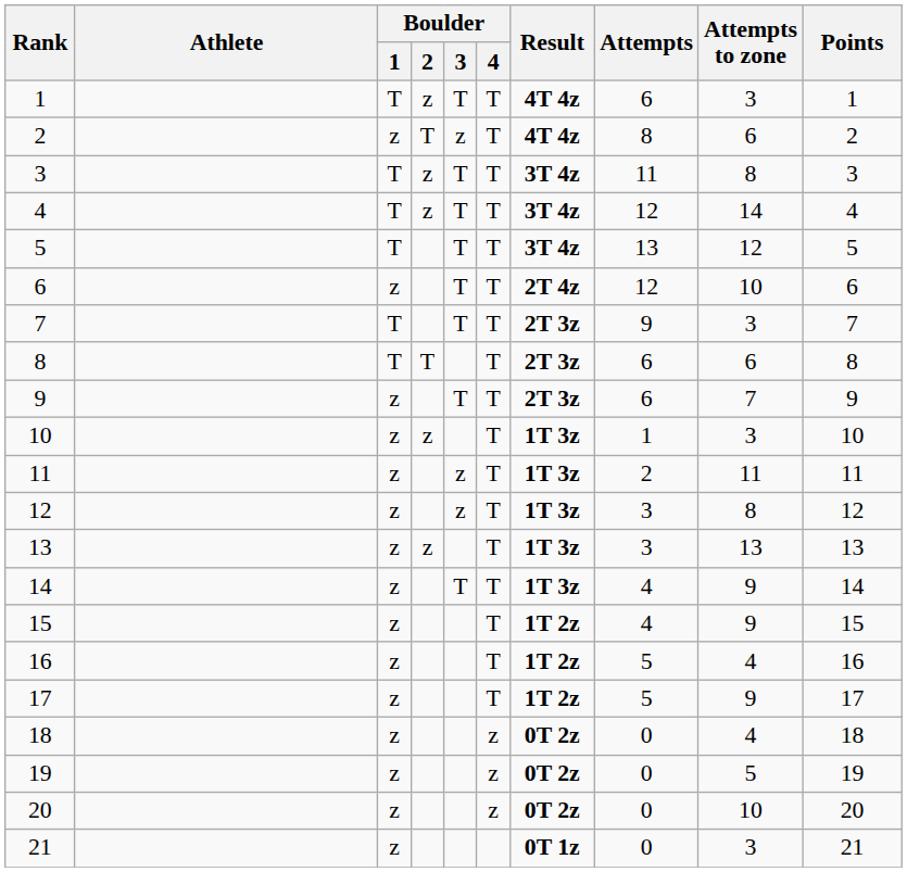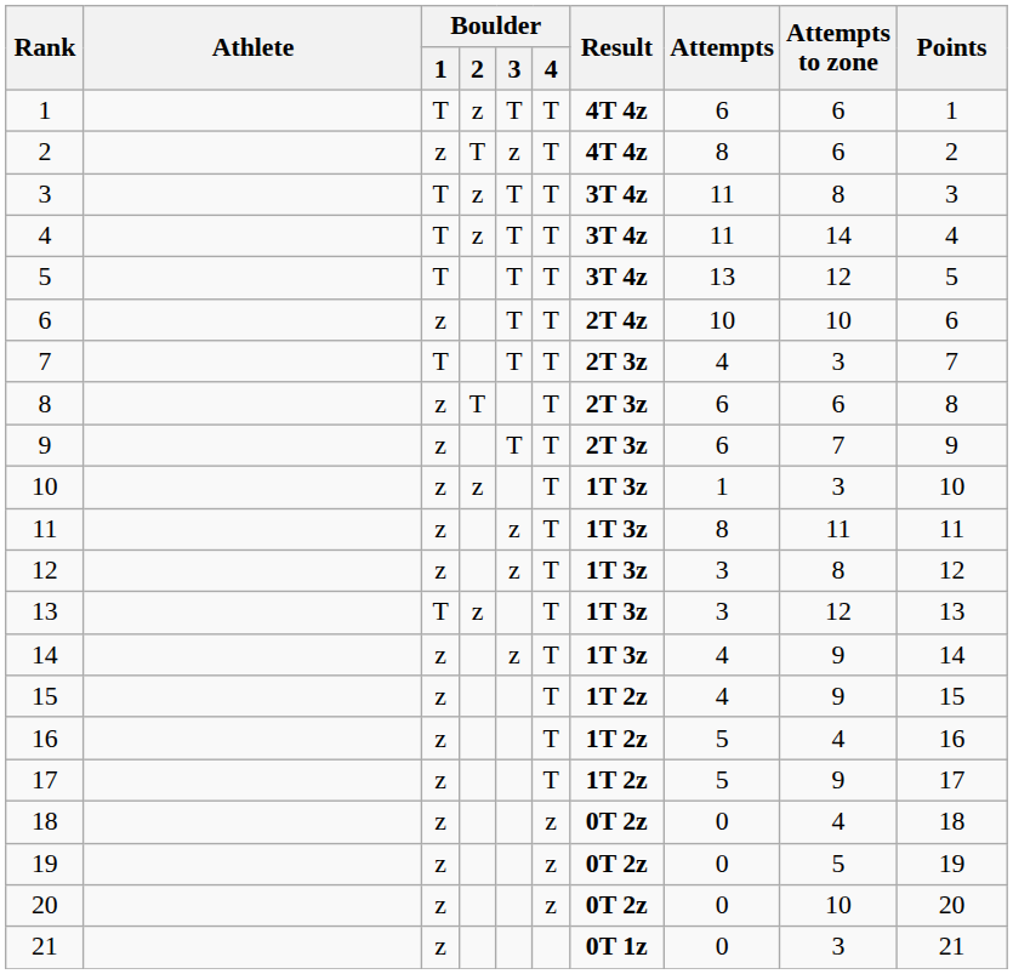 <table class="wikitable" style="text-align:center">
 <tr>
 <th rowspan=2 width=40>Rank</th>
 <th rowspan=2 width=200>Athlete</th>
 <th colspan=4>Boulder</th>
 <th rowspan=2 width=50>Result</th>
 <th rowspan=2 width=50>Attempts</th>
 <th rowspan=2 width=50>Attempts to zone</th>
 <th rowspan=2 width=60>Points</th>
 </tr>
 <tr>
 <th width=15>1</th>
 <th width=15>2</th>
 <th width=15>3</th>
 <th width=15>4</th>
 </tr>
 <tr>
 <td>1</td>
 <td align=left></td>
 <td>T</td>
 <td>z</td>
 <td>T</td>
 <td>T</td>
 <td><strong>4T 4z</strong></td>
 <td>6</td>
-<td>3</td>
+<td>6</td>
 <td>1</td>
 </tr>
 <tr>
 <td>2</td>
 <td align=left></td>
 <td>z</td>
 <td>T</td>
 <td>z</td>
 <td>T</td>
 <td><strong>4T 4z</strong></td>
 <td>8</td>
 <td>6</td>
 <td>2</td>
 </tr>
 <tr>
 <td>3</td>
 <td align=left></td>
 <td>T</td>
 <td>z</td>
 <td>T</td>
 <td>T</td>
 <td><strong>3T 4z</strong></td>
 <td>11</td>
 <td>8</td>
 <td>3</td>
 </tr>
 <tr>
 <td>4</td>
 <td align=left></td>
 <td>T</td>
 <td>z</td>
 <td>T</td>
 <td>T</td>
 <td><strong>3T 4z</strong></td>
-<td>12</td>
+<td>11</td>
 <td>14</td>
 <td>4</td>
 </tr>
 <tr>
 <td>5</td>
 <td align=left></td>
 <td>T</td>
 <td></td>
 <td>T</td>
 <td>T</td>
 <td><strong>3T 4z</strong></td>
 <td>13</td>
 <td>12</td>
 <td>5</td>
 </tr>
 <tr>
 <td>6</td>
 <td align=left></td>
 <td>z</td>
 <td></td>
 <td>T</td>
 <td>T</td>
 <td><strong>2T 4z</strong></td>
-<td>12</td>
+<td>10</td>
 <td>10</td>
 <td>6</td>
 </tr>
 <tr>
 <td>7</td>
 <td align=left></td>
 <td>T</td>
 <td></td>
 <td>T</td>
 <td>T</td>
 <td><strong>2T 3z</strong></td>
-<td>9</td>
+<td>4</td>
 <td>3</td>
 <td>7</td>
 </tr>
 <tr>
 <td>8</td>
 <td align=left></td>
-<td>T</td>
+<td>z</td>
 <td>T</td>
 <td></td>
 <td>T</td>
 <td><strong>2T 3z</strong></td>
 <td>6</td>
 <td>6</td>
 <td>8</td>
 </tr>
 <tr>
 <td>9</td>
 <td align=left></td>
 <td>z</td>
 <td></td>
 <td>T</td>
 <td>T</td>
 <td><strong>2T 3z</strong></td>
 <td>6</td>
 <td>7</td>
 <td>9</td>
 </tr>
 <tr>
 <td>10</td>
 <td align=left></td>
 <td>z</td>
 <td>z</td>
 <td></td>
 <td>T</td>
 <td><strong>1T 3z</strong></td>
 <td>1</td>
 <td>3</td>
 <td>10</td>
 </tr>
 <tr>
 <td>11</td>
 <td align=left></td>
 <td>z</td>
 <td></td>
 <td>z</td>
 <td>T</td>
 <td><strong>1T 3z</strong></td>
-<td>2</td>
+<td>8</td>
 <td>11</td>
 <td>11</td>
 </tr>
 <tr>
 <td>12</td>
 <td align=left></td>
 <td>z</td>
 <td></td>
 <td>z</td>
 <td>T</td>
 <td><strong>1T 3z</strong></td>
 <td>3</td>
 <td>8</td>
 <td>12</td>
 </tr>
 <tr>
 <td>13</td>
 <td align=left></td>
-<td>z</td>
+<td>T</td>
 <td>z</td>
 <td></td>
 <td>T</td>
 <td><strong>1T 3z</strong></td>
 <td>3</td>
-<td>13</td>
+<td>12</td>
 <td>13</td>
 </tr>
 <tr>
 <td>14</td>
 <td align=left></td>
 <td>z</td>
 <td></td>
-<td>T</td>
+<td>z</td>
 <td>T</td>
 <td><strong>1T 3z</strong></td>
 <td>4</td>
 <td>9</td>
 <td>14</td>
 </tr>
 <tr>
 <td>15</td>
 <td align=left></td>
 <td>z</td>
 <td></td>
 <td></td>
 <td>T</td>
 <td><strong>1T 2z</strong></td>
 <td>4</td>
 <td>9</td>
 <td>15</td>
 </tr>
 <tr>
 <td>16</td>
 <td align=left></td>
 <td>z</td>
 <td></td>
 <td></td>
 <td>T</td>
 <td><strong>1T 2z</strong></td>
 <td>5</td>
 <td>4</td>
 <td>16</td>
 </tr>
 <tr>
 <td>17</td>
 <td align=left></td>
 <td>z</td>
 <td></td>
 <td></td>
 <td>T</td>
 <td><strong>1T 2z</strong></td>
 <td>5</td>
 <td>9</td>
 <td>17</td>
 </tr>
 <tr>
 <td>18</td>
 <td align=left></td>
 <td>z</td>
 <td></td>
 <td></td>
 <td>z</td>
 <td><strong>0T 2z</strong></td>
 <td>0</td>
 <td>4</td>
 <td>18</td>
 </tr>
 <tr>
 <td>19</td>
 <td align=left></td>
 <td>z</td>
 <td></td>
 <td></td>
 <td>z</td>
 <td><strong>0T 2z</strong></td>
 <td>0</td>
 <td>5</td>
 <td>19</td>
 </tr>
 <tr>
 <td>20</td>
 <td align=left></td>
 <td>z</td>
 <td></td>
 <td></td>
 <td>z</td>
 <td><strong>0T 2z</strong></td>
 <td>0</td>
 <td>10</td>
 <td>20</td>
 </tr>
 <tr>
 <td>21</td>
 <td align=left></td>
 <td>z</td>
 <td></td>
 <td></td>
 <td></td>
 <td><strong>0T 1z</strong></td>
 <td>0</td>
 <td>3</td>
 <td>21</td>
 </tr>
 </table>
